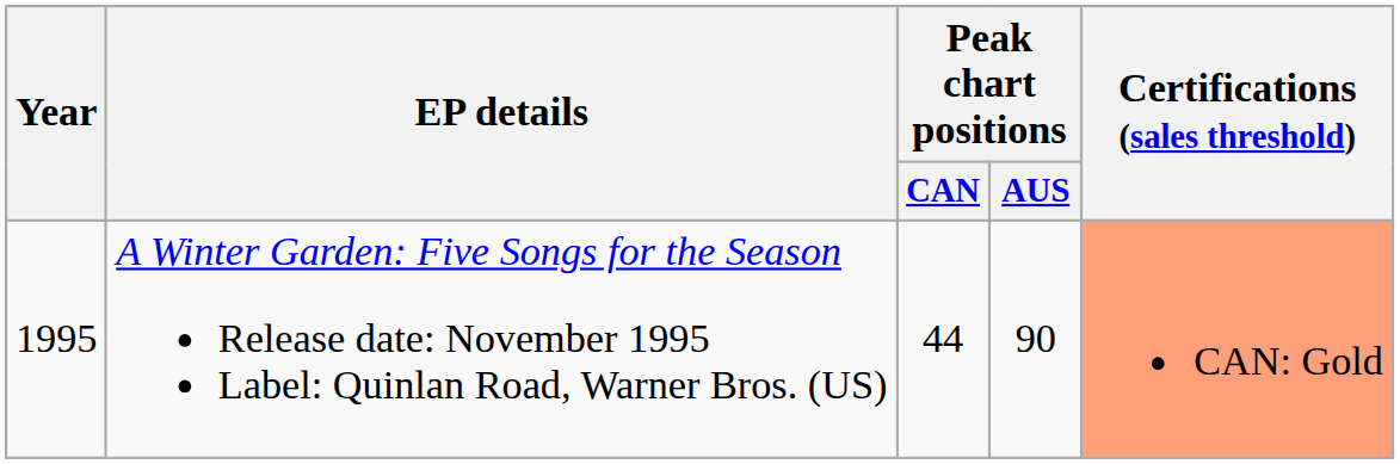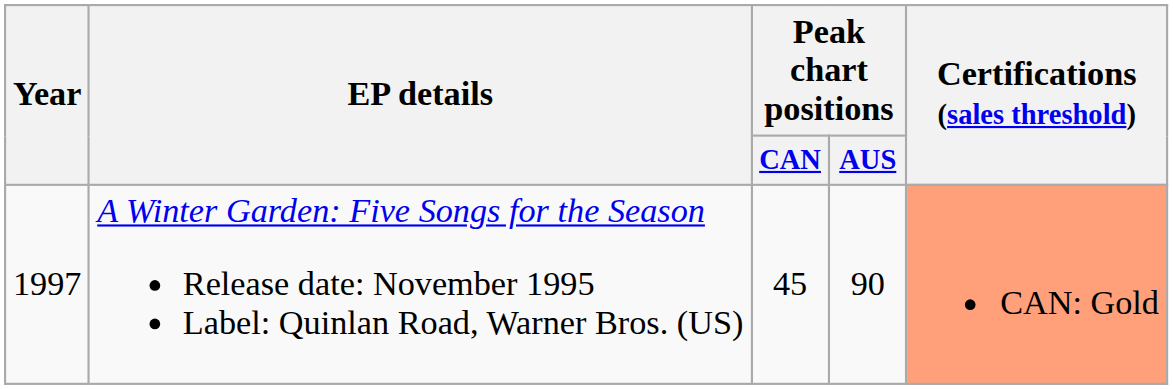 <table class="wikitable" style="text-align:center;">
 <tr>
 <th rowspan="2">Year</th>
 <th rowspan="2">EP details</th>
 <th colspan="2">Peak chart positions</th>
 <th rowspan="2">Certifications<br><small>(<a href='#'>sales threshold</a>)</small></th>
 </tr>
 <tr style="font-size:smaller;">
 <th style="width:30px;"><a href='#'>CAN</a><br></th>
 <th style="width:30px;"><a href='#'>AUS</a><br></th>
 </tr>
 <tr>
-<td>1995</td>
+<td>1997</td>
 <td style="text-align:left;"><em><a href='#'>A Winter Garden: Five Songs for the Season</a></em><br><ul><li>Release date: November 1995</li><li>Label: Quinlan Road, Warner Bros. (US)</li></ul></td>
-<td>44</td>
+<td>45</td>
 <td>90</td>
 <td style="background: lightsalmon; text-align:left;"><br><ul><li>CAN: Gold</li></ul></td>
 </tr>
 </table>
